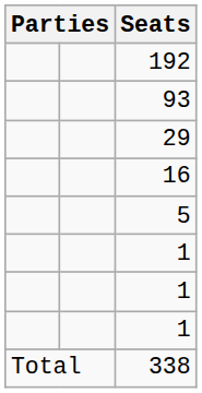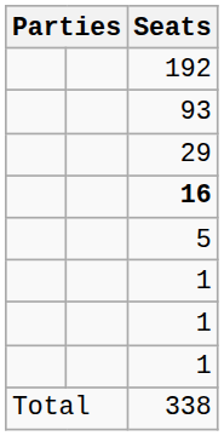 <table class="wikitable" style="text-align:left;">
 <tr>
 <th colspan="2" style="text-align:left;">Parties</th>
 <th>Seats</th>
 </tr>
 <tr>
 <td></td>
 <td></td>
 <td style="text-align:right;">192</td>
 </tr>
 <tr>
 <td></td>
 <td></td>
 <td style="text-align:right;">93</td>
 </tr>
 <tr>
 <td></td>
 <td></td>
 <td style="text-align:right;">29</td>
 </tr>
 <tr>
 <td></td>
 <td></td>
-<td style="text-align:right;">16</td>
+<td style="text-align:right;"><strong>16</strong></td>
 </tr>
 <tr>
 <td></td>
 <td></td>
 <td style="text-align:right;">5</td>
 </tr>
 <tr>
 <td></td>
 <td></td>
 <td style="text-align:right;">1</td>
 </tr>
 <tr>
 <td></td>
 <td></td>
 <td style="text-align:right;">1</td>
 </tr>
 <tr>
 <td></td>
 <td></td>
 <td style="text-align:right;">1</td>
 </tr>
 <tr>
 <td colspan="2" style="text-align:left;">Total</td>
 <td style="text-align:right;">338</td>
 </tr>
 </table>
